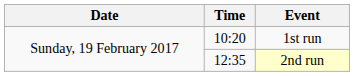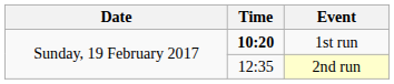 <table class = "wikitable" style="text-align:center;">
 <tr>
 <th width=220>Date</th>
 <th width=50>Time</th>
 <th width=100>Event</th>
 </tr>
 <tr>
 <td rowspan=2>Sunday, 19 February 2017</td>
-<td>10:20</td>
+<td><strong>10:20</strong></td>
 <td>1st run</td>
 </tr>
 <tr>
 <td>12:35</td>
 <td bgcolor=ffffcc>2nd run</td>
 </tr>
 </table>
